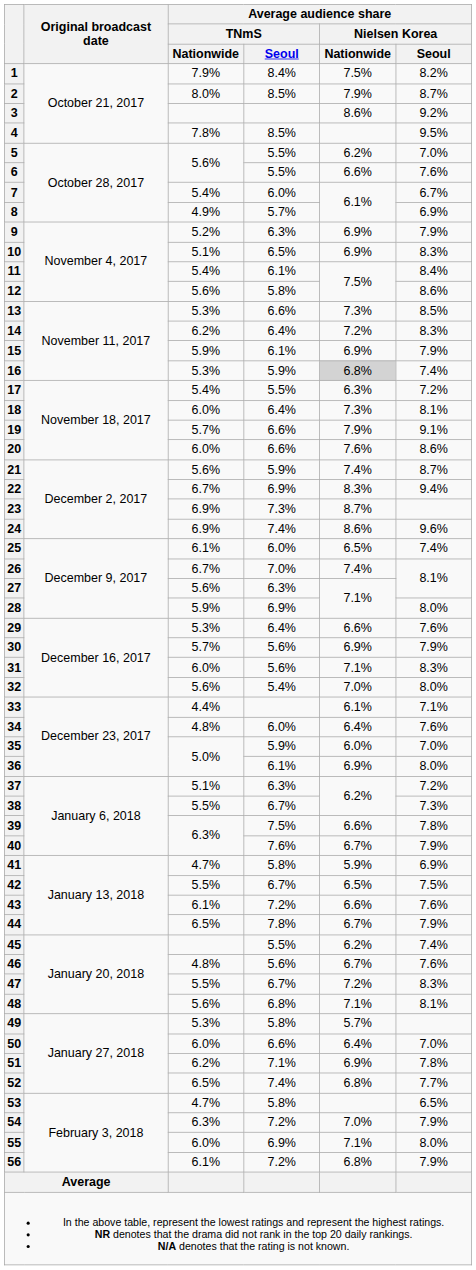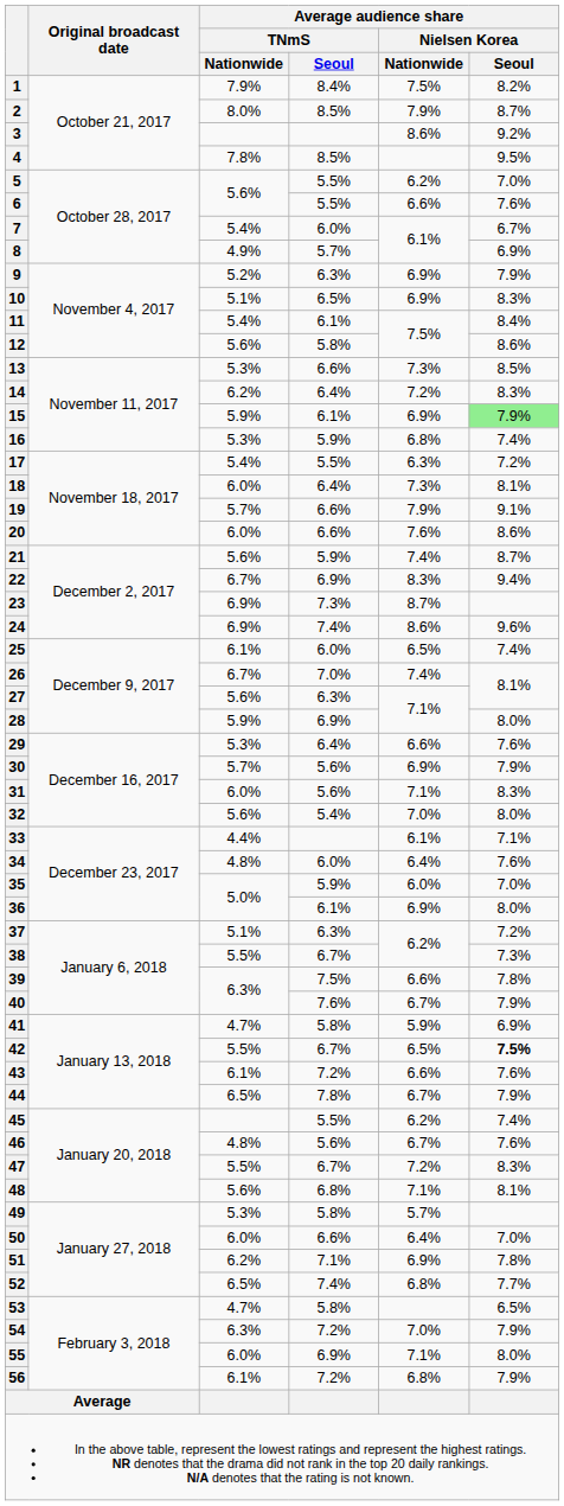 <table class="wikitable" style="width:600px; text-align:center">
 <tr>
 <th rowspan="3"></th>
 <th rowspan="3">Original broadcast date</th>
 <th colspan="4">Average audience share</th>
 </tr>
 <tr>
 <th colspan="2">TNmS</th>
 <th colspan="2">Nielsen Korea</th>
 </tr>
 <tr>
 <th width=90>Nationwide</th>
 <th width=90><a href='#'>Seoul</a></th>
 <th width=90>Nationwide</th>
 <th width=90>Seoul</th>
 </tr>
 <tr>
 <th>1</th>
 <td rowspan="4">October 21, 2017</td>
 <td>7.9% </td>
 <td>8.4% </td>
 <td>7.5% </td>
 <td>8.2% </td>
 </tr>
 <tr>
 <th>2</th>
 <td>8.0% </td>
 <td>8.5% </td>
 <td>7.9% </td>
 <td>8.7% </td>
 </tr>
 <tr>
 <th>3</th>
 <td> </td>
 <td> </td>
 <td>8.6% </td>
 <td>9.2% </td>
 </tr>
 <tr>
 <th>4</th>
 <td>7.8% </td>
 <td>8.5% </td>
 <td> </td>
 <td>9.5% </td>
 </tr>
 <tr>
 <th>5</th>
 <td rowspan="4">October 28, 2017</td>
 <td rowspan="2">5.6% </td>
 <td>5.5% </td>
 <td>6.2% </td>
 <td>7.0% </td>
 </tr>
 <tr>
 <th>6</th>
 <td>5.5% </td>
 <td>6.6% </td>
 <td>7.6% </td>
 </tr>
 <tr>
 <th>7</th>
 <td>5.4% </td>
 <td>6.0% </td>
 <td rowspan="2">6.1% </td>
 <td>6.7% </td>
 </tr>
 <tr>
 <th>8</th>
 <td>4.9% </td>
 <td>5.7% </td>
 <td>6.9% </td>
 </tr>
 <tr>
 <th>9</th>
 <td rowspan="4">November 4, 2017</td>
 <td>5.2% </td>
 <td>6.3% </td>
 <td>6.9% </td>
 <td>7.9% </td>
 </tr>
 <tr>
 <th>10</th>
 <td>5.1% </td>
 <td>6.5% </td>
 <td>6.9% </td>
 <td>8.3% </td>
 </tr>
 <tr>
 <th>11</th>
 <td>5.4% </td>
 <td>6.1% </td>
 <td rowspan="2">7.5% </td>
 <td>8.4% </td>
 </tr>
 <tr>
 <th>12</th>
 <td>5.6% </td>
 <td>5.8% </td>
 <td>8.6% </td>
 </tr>
 <tr>
 <th>13</th>
 <td rowspan="4">November 11, 2017</td>
 <td>5.3% </td>
 <td>6.6% </td>
 <td>7.3% </td>
 <td>8.5% </td>
 </tr>
 <tr>
 <th>14</th>
 <td>6.2% </td>
 <td>6.4% </td>
 <td>7.2% </td>
 <td>8.3% </td>
 </tr>
 <tr>
 <th>15</th>
 <td>5.9% </td>
 <td>6.1% </td>
 <td>6.9% </td>
-<td>7.9% </td>
+<td style="background: lightgreen;">7.9% </td>
 </tr>
 <tr>
 <th>16</th>
 <td>5.3% </td>
 <td>5.9% </td>
-<td style="background: lightgrey;">6.8% </td>
+<td>6.8% </td>
 <td>7.4% </td>
 </tr>
 <tr>
 <th>17</th>
 <td rowspan="4">November 18, 2017</td>
 <td>5.4% </td>
 <td>5.5% </td>
 <td>6.3% </td>
 <td>7.2% </td>
 </tr>
 <tr>
 <th>18</th>
 <td>6.0% </td>
 <td>6.4% </td>
 <td>7.3% </td>
 <td>8.1% </td>
 </tr>
 <tr>
 <th>19</th>
 <td>5.7% </td>
 <td>6.6% </td>
 <td>7.9% </td>
 <td>9.1% </td>
 </tr>
 <tr>
 <th>20</th>
 <td>6.0% </td>
 <td>6.6% </td>
 <td>7.6% </td>
 <td>8.6% </td>
 </tr>
 <tr>
 <th>21</th>
 <td rowspan="4">December 2, 2017</td>
 <td>5.6% </td>
 <td>5.9% </td>
 <td>7.4% </td>
 <td>8.7% </td>
 </tr>
 <tr>
 <th>22</th>
 <td>6.7% </td>
 <td>6.9% </td>
 <td>8.3% </td>
 <td>9.4% </td>
 </tr>
 <tr>
 <th>23</th>
 <td>6.9% </td>
 <td>7.3% </td>
 <td>8.7% </td>
 <td> </td>
 </tr>
 <tr>
 <th>24</th>
 <td>6.9% </td>
 <td>7.4% </td>
 <td>8.6% </td>
 <td>9.6% </td>
 </tr>
 <tr>
 <th>25</th>
 <td rowspan="4">December 9, 2017</td>
 <td>6.1% </td>
 <td>6.0% </td>
 <td>6.5% </td>
 <td>7.4% </td>
 </tr>
 <tr>
 <th>26</th>
 <td>6.7% </td>
 <td>7.0% </td>
 <td>7.4% </td>
 <td rowspan="2">8.1% </td>
 </tr>
 <tr>
 <th>27</th>
 <td>5.6% </td>
 <td>6.3% </td>
 <td rowspan="2">7.1% </td>
 </tr>
 <tr>
 <th>28</th>
 <td>5.9% </td>
 <td>6.9% </td>
 <td>8.0% </td>
 </tr>
 <tr>
 <th>29</th>
 <td rowspan="4">December 16, 2017</td>
 <td>5.3% </td>
 <td>6.4% </td>
 <td>6.6% </td>
 <td>7.6% </td>
 </tr>
 <tr>
 <th>30</th>
 <td>5.7% </td>
 <td>5.6% </td>
 <td>6.9% </td>
 <td>7.9% </td>
 </tr>
 <tr>
 <th>31</th>
 <td>6.0% </td>
 <td>5.6% </td>
 <td>7.1% </td>
 <td>8.3% </td>
 </tr>
 <tr>
 <th>32</th>
 <td>5.6% </td>
 <td>5.4% </td>
 <td>7.0% </td>
 <td>8.0% </td>
 </tr>
 <tr>
 <th>33</th>
 <td rowspan="4">December 23, 2017</td>
 <td>4.4% </td>
 <td> </td>
 <td>6.1% </td>
 <td>7.1% </td>
 </tr>
 <tr>
 <th>34</th>
 <td>4.8% </td>
 <td>6.0%</td>
 <td>6.4% </td>
 <td>7.6% </td>
 </tr>
 <tr>
 <th>35</th>
 <td rowspan="2">5.0% </td>
 <td>5.9%</td>
 <td>6.0% </td>
 <td>7.0% </td>
 </tr>
 <tr>
 <th>36</th>
 <td>6.1%</td>
 <td>6.9% </td>
 <td>8.0% </td>
 </tr>
 <tr>
 <th>37</th>
 <td rowspan="4">January 6, 2018</td>
 <td>5.1% </td>
 <td>6.3%</td>
 <td rowspan="2">6.2% </td>
 <td>7.2% </td>
 </tr>
 <tr>
 <th>38</th>
 <td>5.5% </td>
 <td>6.7%</td>
 <td>7.3% </td>
 </tr>
 <tr>
 <th>39</th>
 <td rowspan="2">6.3% </td>
 <td>7.5%</td>
 <td>6.6% </td>
 <td>7.8% </td>
 </tr>
 <tr>
 <th>40</th>
 <td>7.6%</td>
 <td>6.7% </td>
 <td>7.9% </td>
 </tr>
 <tr>
 <th>41</th>
 <td rowspan="4">January 13, 2018</td>
 <td>4.7% </td>
 <td>5.8%</td>
 <td>5.9% </td>
 <td>6.9% </td>
 </tr>
 <tr>
 <th>42</th>
 <td>5.5% </td>
 <td>6.7%</td>
 <td>6.5% </td>
-<td>7.5% </td>
+<td><strong>7.5% </strong></td>
 </tr>
 <tr>
 <th>43</th>
 <td>6.1% </td>
 <td>7.2%</td>
 <td>6.6% </td>
 <td>7.6% </td>
 </tr>
 <tr>
 <th>44</th>
 <td>6.5% </td>
 <td>7.8%</td>
 <td>6.7% </td>
 <td>7.9% </td>
 </tr>
 <tr>
 <th>45</th>
 <td rowspan="4">January 20, 2018</td>
 <td> </td>
 <td>5.5%</td>
 <td>6.2% </td>
 <td>7.4% </td>
 </tr>
 <tr>
 <th>46</th>
 <td>4.8% </td>
 <td>5.6%</td>
 <td>6.7% </td>
 <td>7.6% </td>
 </tr>
 <tr>
 <th>47</th>
 <td>5.5% </td>
 <td>6.7%</td>
 <td>7.2% </td>
 <td>8.3% </td>
 </tr>
 <tr>
 <th>48</th>
 <td>5.6% </td>
 <td>6.8%</td>
 <td>7.1% </td>
 <td>8.1% </td>
 </tr>
 <tr>
 <th>49</th>
 <td rowspan="4">January 27, 2018</td>
 <td>5.3% </td>
 <td>5.8%</td>
 <td>5.7% </td>
 <td> </td>
 </tr>
 <tr>
 <th>50</th>
 <td>6.0% </td>
 <td>6.6%</td>
 <td>6.4% </td>
 <td>7.0% </td>
 </tr>
 <tr>
 <th>51</th>
 <td>6.2% </td>
 <td>7.1%</td>
 <td>6.9% </td>
 <td>7.8% </td>
 </tr>
 <tr>
 <th>52</th>
 <td>6.5% </td>
 <td>7.4%</td>
 <td>6.8% </td>
 <td>7.7% </td>
 </tr>
 <tr>
 <th>53</th>
 <td rowspan="4">February 3, 2018</td>
 <td>4.7% </td>
 <td>5.8%</td>
 <td> </td>
 <td>6.5% </td>
 </tr>
 <tr>
 <th>54</th>
 <td>6.3% </td>
 <td>7.2%</td>
 <td>7.0% </td>
 <td>7.9% </td>
 </tr>
 <tr>
 <th>55</th>
 <td>6.0% </td>
 <td>6.9%</td>
 <td>7.1% </td>
 <td>8.0% </td>
 </tr>
 <tr>
 <th>56</th>
 <td>6.1% </td>
 <td>7.2%</td>
 <td>6.8% </td>
 <td>7.9% </td>
 </tr>
 <tr>
 <th colspan="2">Average</th>
 <th></th>
 <th></th>
 <th></th>
 <th></th>
 </tr>
 <tr>
 <td colspan="6" style="font-size:85%"><br><ul><li>In the above table,  represent the lowest ratings and  represent the highest ratings.</li><li><strong>NR</strong> denotes that the drama did not rank in the top 20 daily rankings.</li><li><strong>N/A</strong> denotes that the rating is not known.</li></ul></td>
 </tr>
 </table>
